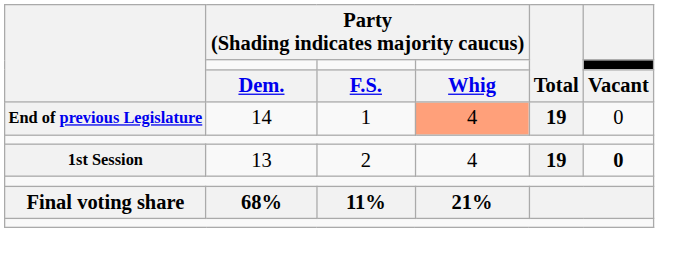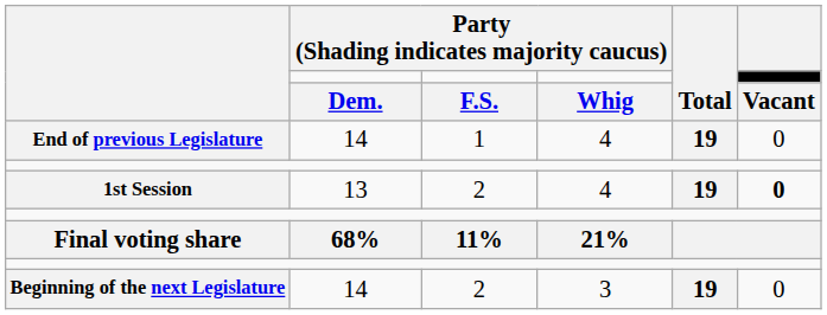 <table class=wikitable style="text-align:center">
 <tr style="vertical-align:bottom;">
 <th rowspan=3></th>
 <th colspan=3>Party <div>(Shading indicates majority caucus)</div></th>
 <th rowspan=3>Total</th>
 <th></th>
 </tr>
 <tr style="height:5px">
 <td style="background-color:"></td>
 <td style="background-color:"></td>
 <td style="background-color:"></td>
 <td style="background:black;"></td>
 </tr>
 <tr>
 <th><a href='#'>Dem.</a></th>
 <th><a href='#'>F.S.</a></th>
 <th><a href='#'>Whig</a></th>
 <th>Vacant</th>
 </tr>
 <tr>
 <th style="font-size:80%;">End of <a href='#'>previous Legislature</a></th>
 <td>14</td>
 <td>1</td>
-<td style="background: lightsalmon;">4</td>
+<td>4</td>
 <th>19</th>
 <td>0</td>
 </tr>
 <tr>
 <td colspan=6></td>
 </tr>
 <tr>
 <th style="font-size:80%;">1st Session</th>
 <td>13</td>
 <td>2</td>
 <td>4</td>
 <th>19</th>
 <td><strong>0</strong></td>
 </tr>
 <tr>
 <td colspan=6></td>
 </tr>
 <tr>
 <th>Final voting share</th>
 <th>68%</th>
 <th>11%</th>
 <th>21%</th>
 <th colspan=2></th>
 </tr>
 <tr>
 <td colspan=6></td>
 </tr>
+<tr>
+<th style="font-size:80%;">Beginning of the <a href='#'>next Legislature</a></th>
+<td>14</td>
+<td>2</td>
+<td>3</td>
+<th>19</th>
+<td>0</td>
+</tr>
 </table>
